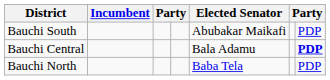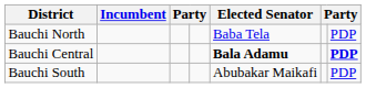 <table class="sortable wikitable" style="font-size:95%;line-height:14px;">
 <tr>
 <th class="unsortable">District</th>
 <th class="unsortable"><a href='#'>Incumbent</a></th>
 <th colspan="2">Party</th>
 <th class="unsortable">Elected Senator</th>
 <th colspan="2">Party</th>
+</tr>
+<tr>
+<td>Bauchi North</td>
+<td></td>
+<td></td>
+<td></td>
+<td><a href='#'>Baba Tela</a></td>
+<td style="background:"></td>
+<td><a href='#'>PDP</a></td>
+</tr>
+<tr>
+<td>Bauchi Central</td>
+<td></td>
+<td></td>
+<td></td>
+<td><strong>Bala Adamu</strong></td>
+<td style="background:"></td>
+<td><strong><a href='#'>PDP</a></strong></td>
 </tr>
 <tr>
 <td>Bauchi South</td>
 <td></td>
 <td></td>
 <td></td>
 <td>Abubakar Maikafi</td>
 <td style="background:"></td>
 <td><a href='#'>PDP</a></td>
 </tr>
-<tr>
-<td>Bauchi Central</td>
-<td></td>
-<td></td>
-<td></td>
-<td>Bala Adamu</td>
-<td style="background:"></td>
-<td><strong><a href='#'>PDP</a></strong></td>
-</tr>
-<tr>
-<td>Bauchi North</td>
-<td></td>
-<td></td>
-<td></td>
-<td><a href='#'>Baba Tela</a></td>
-<td style="background:"></td>
-<td><a href='#'>PDP</a></td>
-</tr>
 </table>
